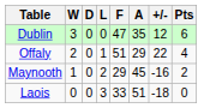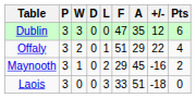 <table class="wikitable">
 <tr>
 <th>Table</th>
+<th>P</th>
 <th>W</th>
 <th>D</th>
 <th>L</th>
 <th>F</th>
 <th>A</th>
 <th>+/-</th>
 <th>Pts</th>
 </tr>
 <tr style="text-align:Center; background:#cfc;">
 <td><a href='#'>Dublin</a></td>
 <td>3</td>
+<td>3</td>
 <td>0</td>
 <td>0</td>
 <td>47</td>
 <td>35</td>
 <td>12</td>
 <td>6</td>
 </tr>
 <tr style="text-align:Center;">
 <td><a href='#'>Offaly</a></td>
+<td>3</td>
 <td>2</td>
 <td>0</td>
 <td>1</td>
 <td>51</td>
 <td>29</td>
 <td>22</td>
 <td>4</td>
 </tr>
 <tr style="text-align:Center;">
 <td><a href='#'>Maynooth</a></td>
+<td>3</td>
 <td>1</td>
 <td>0</td>
 <td>2</td>
 <td>29</td>
 <td>45</td>
 <td>-16</td>
 <td>2</td>
 </tr>
 <tr style="text-align:Center;">
 <td><a href='#'>Laois</a></td>
+<td>3</td>
 <td>0</td>
 <td>0</td>
 <td>3</td>
 <td>33</td>
 <td>51</td>
 <td>-18</td>
 <td>0</td>
 </tr>
 </table>
